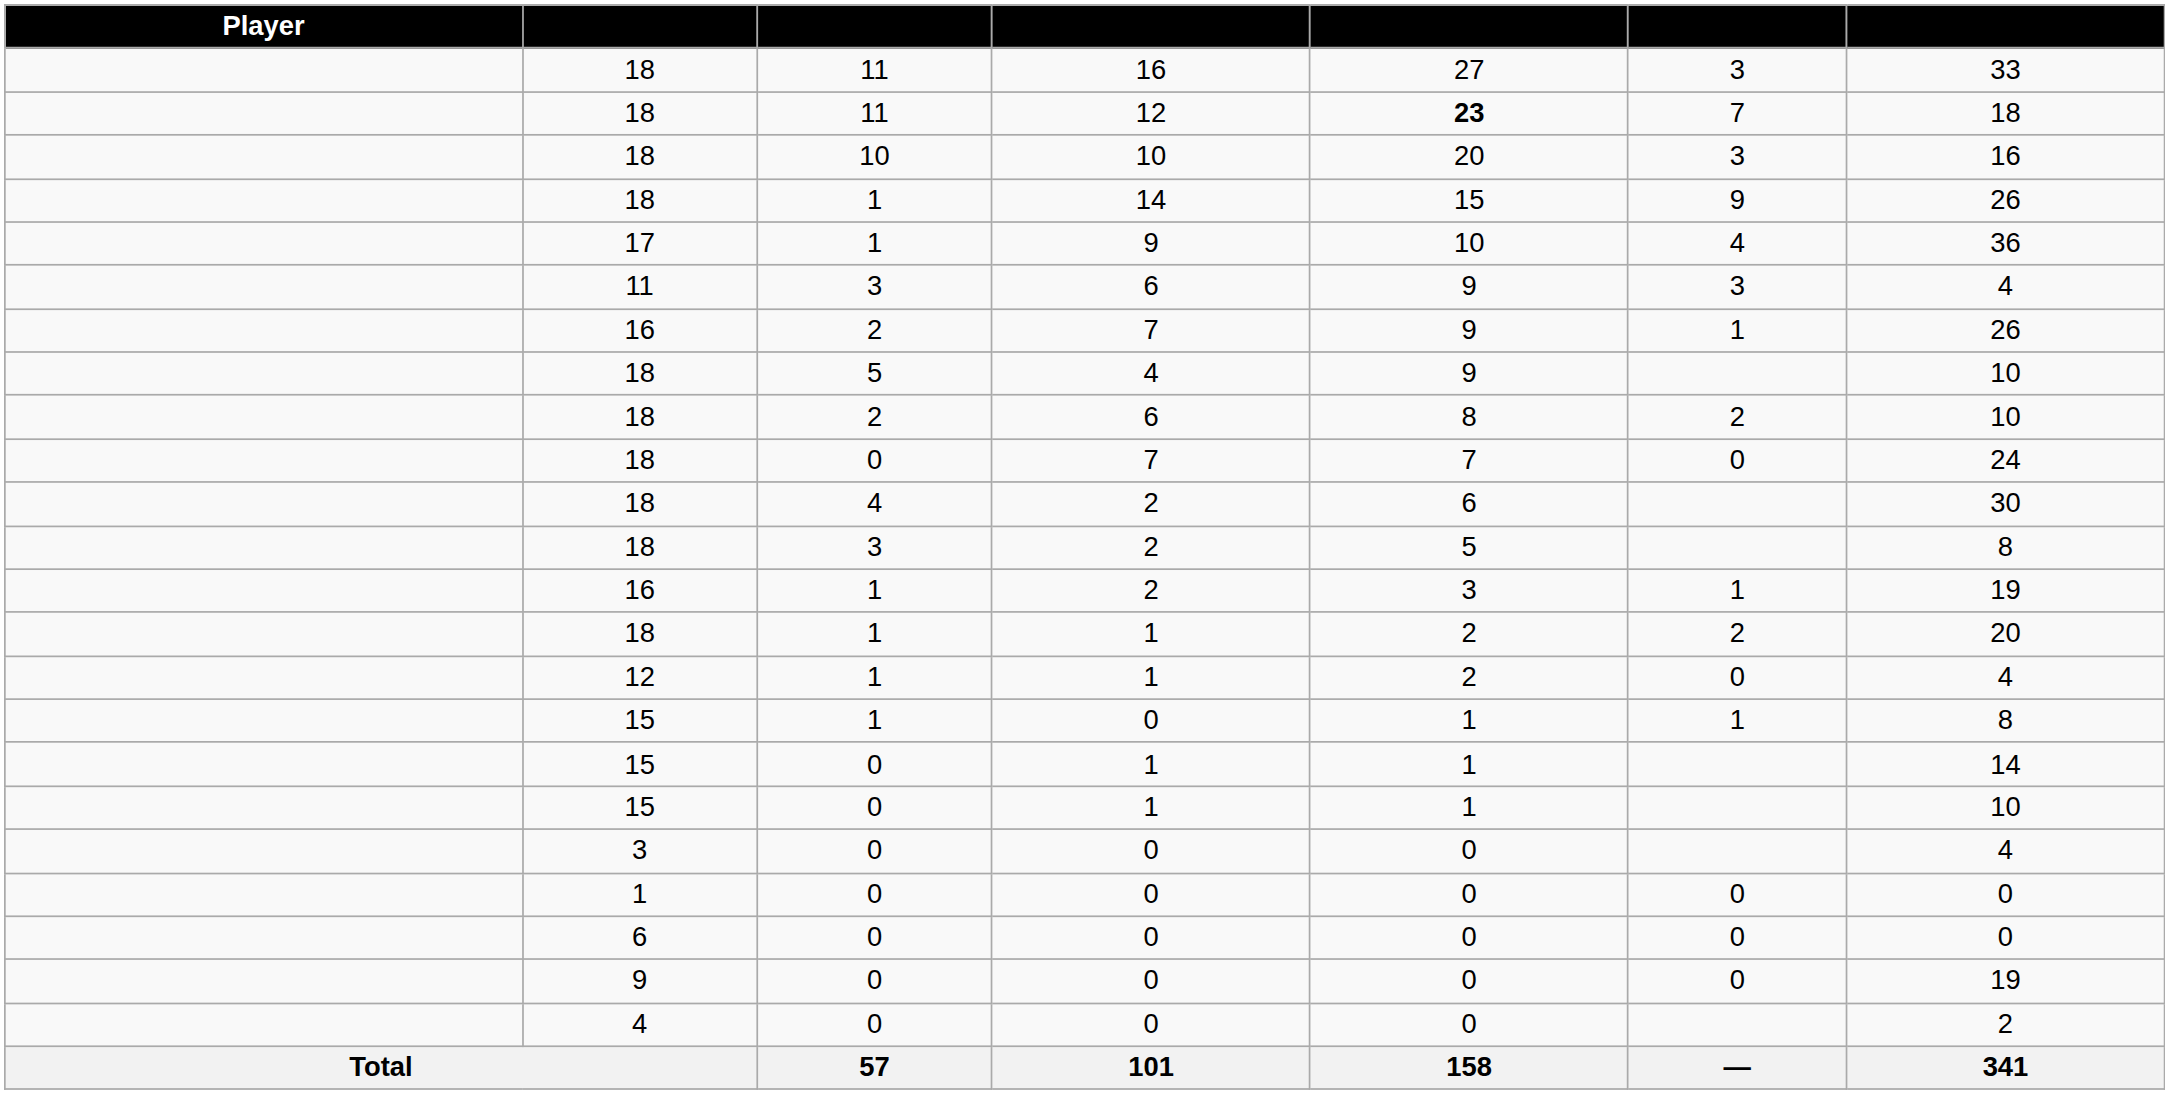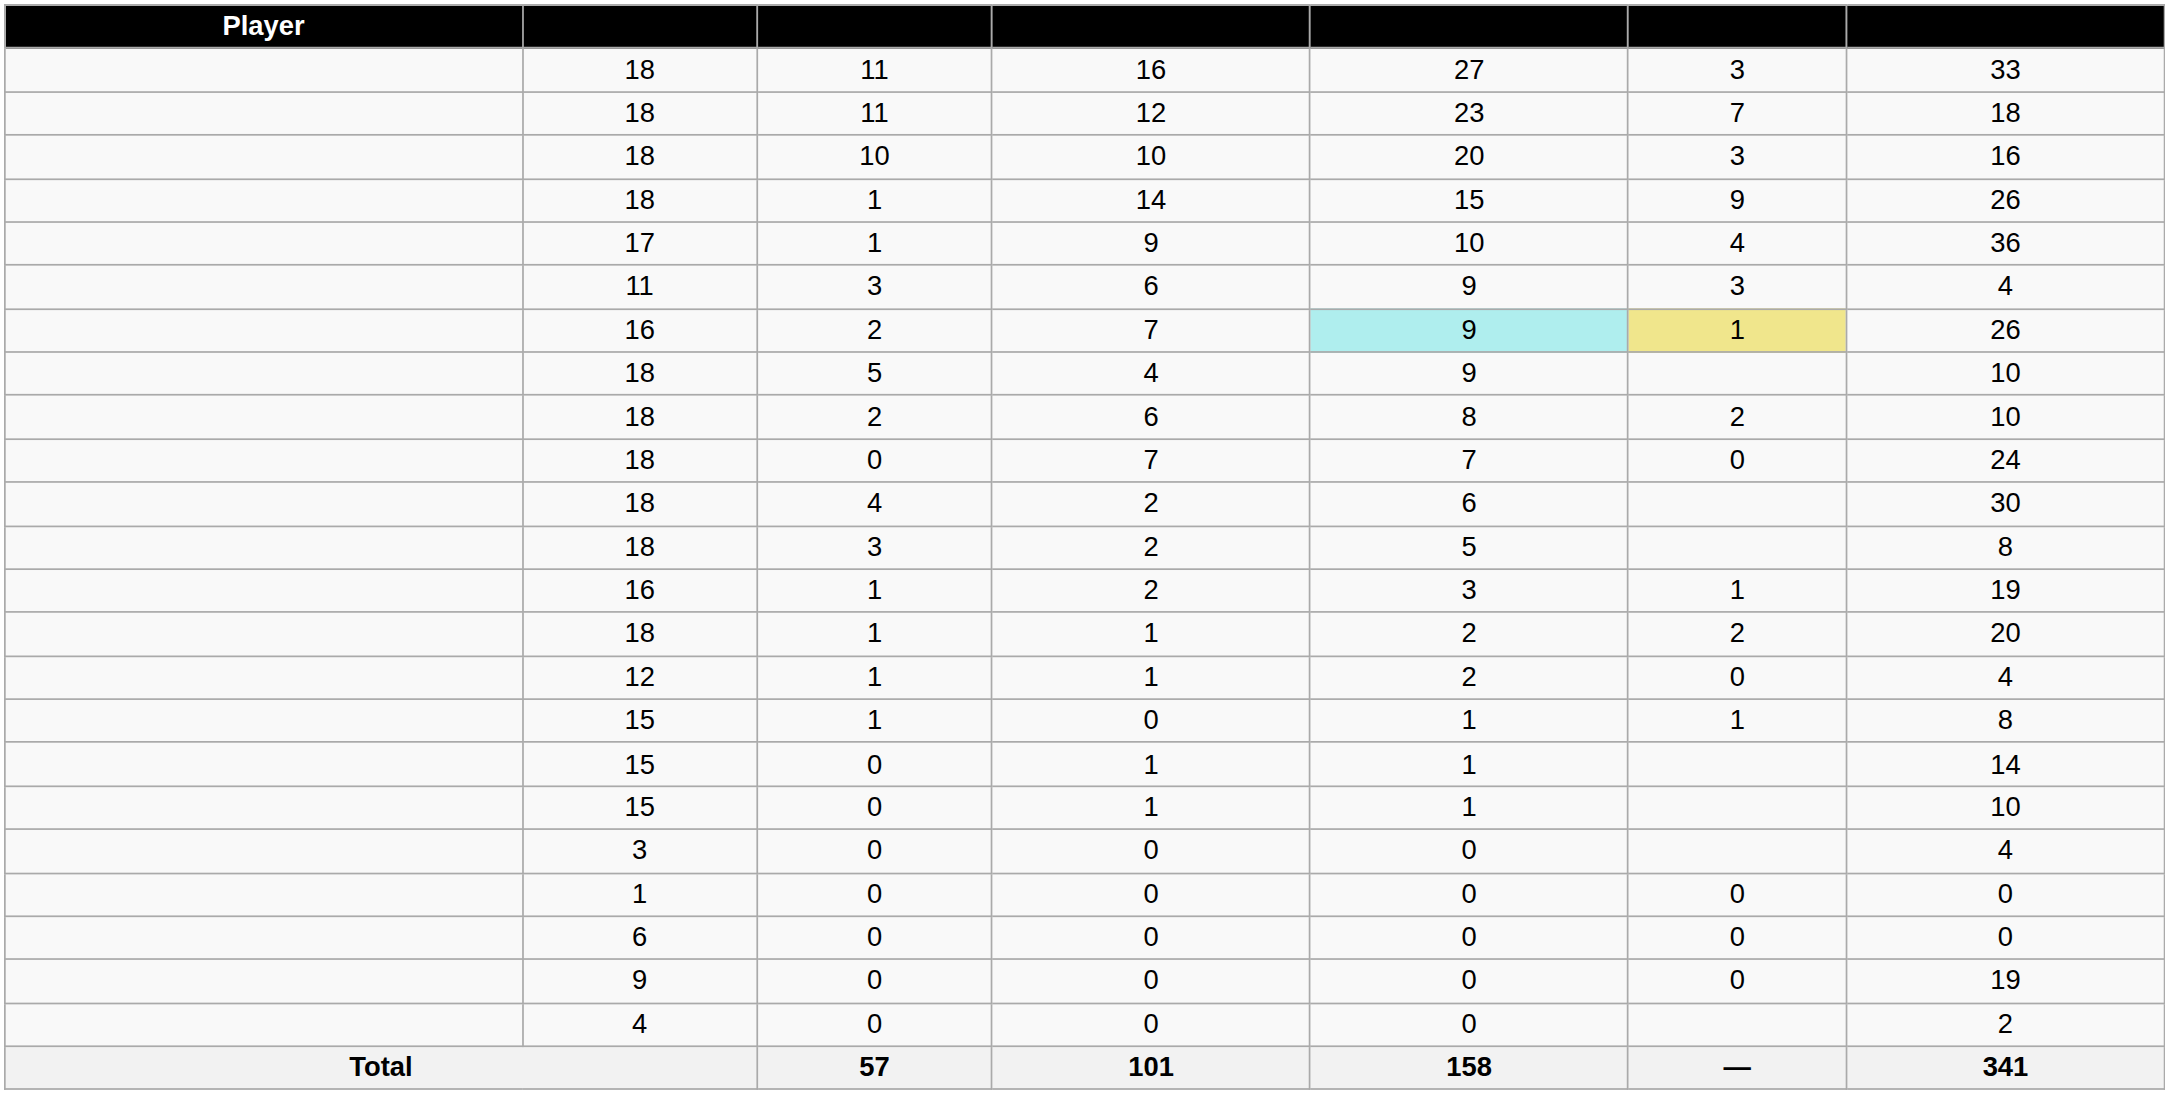 <table class="wikitable sortable" style="width:100%; text-align:center;">
 <tr>
 <th style="color:white; background:#000000; ">Player</th>
 <th style="color:white; background:#000000; "></th>
 <th style="color:white; background:#000000; "></th>
 <th style="color:white; background:#000000; "></th>
 <th style="color:white; background:#000000; "></th>
 <th style="color:white; background:#000000; "></th>
 <th style="color:white; background:#000000; "></th>
 </tr>
 <tr>
 <td></td>
 <td>18</td>
 <td>11</td>
 <td>16</td>
 <td>27</td>
 <td>3</td>
 <td>33</td>
 </tr>
 <tr>
 <td></td>
 <td>18</td>
 <td>11</td>
 <td>12</td>
-<td><strong>23</strong></td>
+<td>23</td>
 <td>7</td>
 <td>18</td>
 </tr>
 <tr>
 <td></td>
 <td>18</td>
 <td>10</td>
 <td>10</td>
 <td>20</td>
 <td>3</td>
 <td>16</td>
 </tr>
 <tr>
 <td></td>
 <td>18</td>
 <td>1</td>
 <td>14</td>
 <td>15</td>
 <td>9</td>
 <td>26</td>
 </tr>
 <tr>
 <td></td>
 <td>17</td>
 <td>1</td>
 <td>9</td>
 <td>10</td>
 <td>4</td>
 <td>36</td>
 </tr>
 <tr>
 <td></td>
 <td>11</td>
 <td>3</td>
 <td>6</td>
 <td>9</td>
 <td>3</td>
 <td>4</td>
 </tr>
 <tr>
 <td></td>
 <td>16</td>
 <td>2</td>
 <td>7</td>
-<td>9</td>
-<td>1</td>
+<td style="background: paleturquoise;">9</td>
+<td style="background: khaki;">1</td>
 <td>26</td>
 </tr>
 <tr>
 <td></td>
 <td>18</td>
 <td>5</td>
 <td>4</td>
 <td>9</td>
 <td></td>
 <td>10</td>
 </tr>
 <tr>
 <td></td>
 <td>18</td>
 <td>2</td>
 <td>6</td>
 <td>8</td>
 <td>2</td>
 <td>10</td>
 </tr>
 <tr>
 <td></td>
 <td>18</td>
 <td>0</td>
 <td>7</td>
 <td>7</td>
 <td>0</td>
 <td>24</td>
 </tr>
 <tr>
 <td></td>
 <td>18</td>
 <td>4</td>
 <td>2</td>
 <td>6</td>
 <td></td>
 <td>30</td>
 </tr>
 <tr>
 <td></td>
 <td>18</td>
 <td>3</td>
 <td>2</td>
 <td>5</td>
 <td></td>
 <td>8</td>
 </tr>
 <tr>
 <td></td>
 <td>16</td>
 <td>1</td>
 <td>2</td>
 <td>3</td>
 <td>1</td>
 <td>19</td>
 </tr>
 <tr>
 <td></td>
 <td>18</td>
 <td>1</td>
 <td>1</td>
 <td>2</td>
 <td>2</td>
 <td>20</td>
 </tr>
 <tr>
 <td></td>
 <td>12</td>
 <td>1</td>
 <td>1</td>
 <td>2</td>
 <td>0</td>
 <td>4</td>
 </tr>
 <tr>
 <td></td>
 <td>15</td>
 <td>1</td>
 <td>0</td>
 <td>1</td>
 <td>1</td>
 <td>8</td>
 </tr>
 <tr>
 <td></td>
 <td>15</td>
 <td>0</td>
 <td>1</td>
 <td>1</td>
 <td></td>
 <td>14</td>
 </tr>
 <tr>
 <td></td>
 <td>15</td>
 <td>0</td>
 <td>1</td>
 <td>1</td>
 <td></td>
 <td>10</td>
 </tr>
 <tr>
 <td></td>
 <td>3</td>
 <td>0</td>
 <td>0</td>
 <td>0</td>
 <td></td>
 <td>4</td>
 </tr>
 <tr>
 <td></td>
 <td>1</td>
 <td>0</td>
 <td>0</td>
 <td>0</td>
 <td>0</td>
 <td>0</td>
 </tr>
 <tr>
 <td></td>
 <td>6</td>
 <td>0</td>
 <td>0</td>
 <td>0</td>
 <td>0</td>
 <td>0</td>
 </tr>
 <tr>
 <td></td>
 <td>9</td>
 <td>0</td>
 <td>0</td>
 <td>0</td>
 <td>0</td>
 <td>19</td>
 </tr>
 <tr>
 <td></td>
 <td>4</td>
 <td>0</td>
 <td>0</td>
 <td>0</td>
 <td></td>
 <td>2</td>
 </tr>
 <tr class="sortbotom">
 <th colspan=2>Total</th>
 <th>57</th>
 <th>101</th>
 <th>158</th>
 <th>—</th>
 <th>341</th>
 </tr>
 </table>
